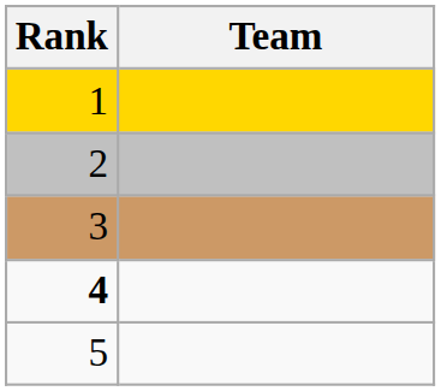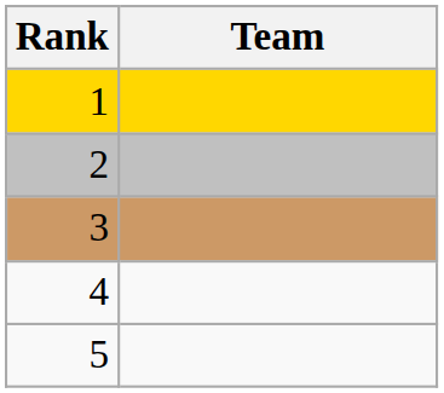 <table class=wikitable>
 <tr>
 <th width=20>Rank</th>
 <th width=120>Team</th>
 </tr>
 <tr bgcolor=gold>
 <td align=right>1</td>
 <td></td>
 </tr>
 <tr bgcolor=silver>
 <td align=right>2</td>
 <td></td>
 </tr>
 <tr bgcolor=#c96>
 <td align=right>3</td>
 <td></td>
 </tr>
 <tr>
-<td align=right><strong>4</strong></td>
+<td align=right>4</td>
 <td></td>
 </tr>
 <tr>
 <td align=right>5</td>
 <td></td>
 </tr>
 </table>
